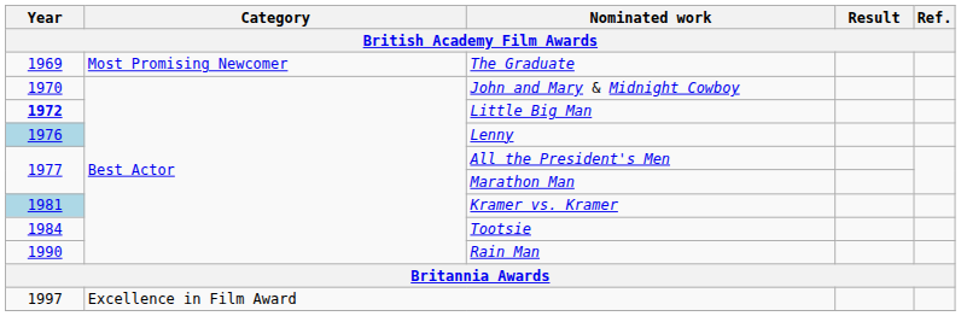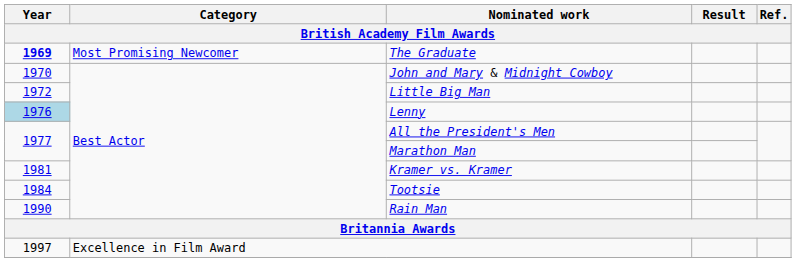 <table class=wikitable>
 <tr>
 <th scope="col" style="width:5em;">Year</th>
 <th scope="col" style="width:26em;">Category</th>
 <th scope="col" style="width:25em;">Nominated work</th>
 <th scope="col" style="width:5em;">Result</th>
 <th>Ref.</th>
 </tr>
 <tr>
 <th colspan=5><a href='#'>British Academy Film Awards</a></th>
 </tr>
 <tr>
-<td style="text-align:center;"><a href='#'>1969</a></td>
+<td style="text-align:center;"><strong><a href='#'>1969</a></strong></td>
 <td><a href='#'>Most Promising Newcomer</a></td>
 <td><em><a href='#'>The Graduate</a></em></td>
 <td></td>
 <td style="text-align:center;"></td>
 </tr>
 <tr>
 <td style="text-align:center;"><a href='#'>1970</a></td>
 <td rowspan=8><a href='#'>Best Actor</a></td>
 <td><em><a href='#'>John and Mary</a></em> & <em><a href='#'>Midnight Cowboy</a></em></td>
 <td></td>
 <td style="text-align:center;"></td>
 </tr>
 <tr>
-<td style="text-align:center;"><strong><a href='#'>1972</a></strong></td>
+<td style="text-align:center;"><a href='#'>1972</a></td>
 <td><em><a href='#'>Little Big Man</a></em></td>
 <td></td>
 <td style="text-align:center;"></td>
 </tr>
 <tr>
 <td style="background: lightblue; text-align:center;"><a href='#'>1976</a></td>
 <td><em><a href='#'>Lenny</a></em></td>
 <td></td>
 <td style="text-align:center;"></td>
 </tr>
 <tr>
 <td style="text-align:center;" rowspan="2"><a href='#'>1977</a></td>
 <td><em><a href='#'>All the President's Men</a></em></td>
 <td></td>
 <td style="text-align:center;", rowspan=2></td>
 </tr>
 <tr>
 <td><em><a href='#'>Marathon Man</a></em></td>
 <td></td>
 </tr>
 <tr>
-<td style="background: lightblue; text-align:center;"><a href='#'>1981</a></td>
+<td style="text-align:center;"><a href='#'>1981</a></td>
 <td><em><a href='#'>Kramer vs. Kramer</a></em></td>
 <td></td>
 <td style="text-align:center;"></td>
 </tr>
 <tr>
 <td style="text-align:center;"><a href='#'>1984</a></td>
 <td><em><a href='#'>Tootsie</a></em></td>
 <td></td>
 <td style="text-align:center;"></td>
 </tr>
 <tr>
 <td style="text-align:center;"><a href='#'>1990</a></td>
 <td><em><a href='#'>Rain Man</a></em></td>
 <td></td>
 <td style="text-align:center;"></td>
 </tr>
 <tr>
 <th colspan=5><a href='#'>Britannia Awards</a></th>
 </tr>
 <tr>
 <td style="text-align:center;">1997</td>
 <td colspan=2>Excellence in Film Award</td>
 <td></td>
 <td></td>
 </tr>
 <tr>
 </tr>
 </table>
